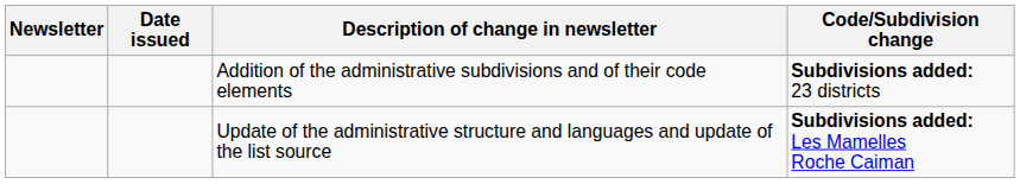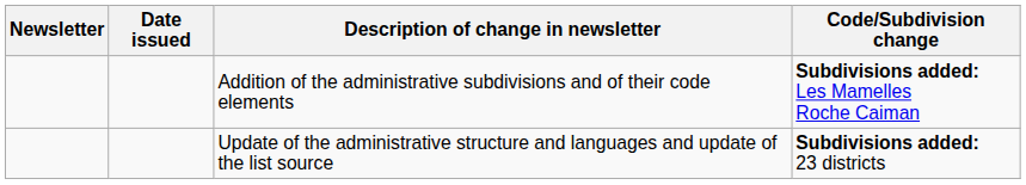 <table class="wikitable">
 <tr>
 <th>Newsletter</th>
 <th>Date issued</th>
 <th>Description of change in newsletter</th>
 <th>Code/Subdivision change</th>
 </tr>
 <tr>
 <td id="I-8"></td>
 <td></td>
 <td>Addition of the administrative subdivisions and of their code elements</td>
-<td style=white-space:nowrap><strong>Subdivisions added:</strong><br> 23 districts</td>
+<td style=white-space:nowrap><strong>Subdivisions added:</strong><br>  <a href='#'>Les Mamelles</a><br>  <a href='#'>Roche Caiman</a></td>
 </tr>
 <tr>
 <td id="II-2"></td>
 <td></td>
 <td>Update of the administrative structure and languages and update of the list source</td>
-<td style=white-space:nowrap><strong>Subdivisions added:</strong><br>  <a href='#'>Les Mamelles</a><br>  <a href='#'>Roche Caiman</a></td>
+<td style=white-space:nowrap><strong>Subdivisions added:</strong><br> 23 districts</td>
 </tr>
 </table>
